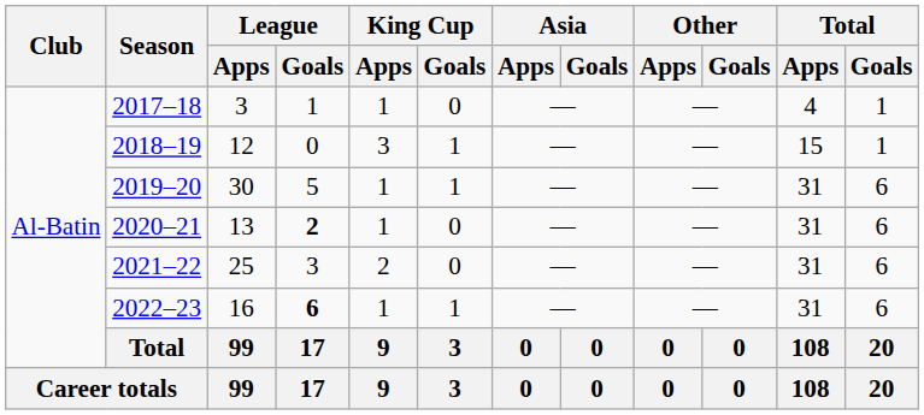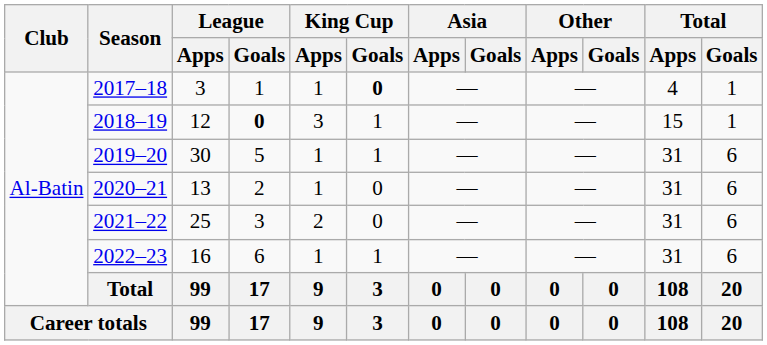 <table class="wikitable" style="text-align: center">
 <tr>
 <th rowspan=2>Club</th>
 <th rowspan=2>Season</th>
 <th colspan=2>League</th>
 <th colspan=2>King Cup</th>
 <th colspan=2>Asia</th>
 <th colspan=2>Other</th>
 <th colspan=2>Total</th>
 </tr>
 <tr>
 <th>Apps</th>
 <th>Goals</th>
 <th>Apps</th>
 <th>Goals</th>
 <th>Apps</th>
 <th>Goals</th>
 <th>Apps</th>
 <th>Goals</th>
 <th>Apps</th>
 <th>Goals</th>
 </tr>
 <tr>
 <td rowspan=7><a href='#'>Al-Batin</a></td>
 <td><a href='#'>2017–18</a></td>
 <td>3</td>
 <td>1</td>
 <td>1</td>
-<td>0</td>
+<td><strong>0</strong></td>
 <td colspan=2>—</td>
 <td colspan=2>—</td>
 <td>4</td>
 <td>1</td>
 </tr>
 <tr>
 <td><a href='#'>2018–19</a></td>
 <td>12</td>
-<td>0</td>
+<td><strong>0</strong></td>
 <td>3</td>
 <td>1</td>
 <td colspan=2>—</td>
 <td colspan=2>—</td>
 <td>15</td>
 <td>1</td>
 </tr>
 <tr>
 <td><a href='#'>2019–20</a></td>
 <td>30</td>
 <td>5</td>
 <td>1</td>
 <td>1</td>
 <td colspan=2>—</td>
 <td colspan=2>—</td>
 <td>31</td>
 <td>6</td>
 </tr>
 <tr>
 <td><a href='#'>2020–21</a></td>
 <td>13</td>
-<td><strong>2</strong></td>
+<td>2</td>
 <td>1</td>
 <td>0</td>
 <td colspan=2>—</td>
 <td colspan=2>—</td>
 <td>31</td>
 <td>6</td>
 </tr>
 <tr>
 <td><a href='#'>2021–22</a></td>
 <td>25</td>
 <td>3</td>
 <td>2</td>
 <td>0</td>
 <td colspan=2>—</td>
 <td colspan=2>—</td>
 <td>31</td>
 <td>6</td>
 </tr>
 <tr>
 <td><a href='#'>2022–23</a></td>
 <td>16</td>
-<td><strong>6</strong></td>
+<td>6</td>
 <td>1</td>
 <td>1</td>
 <td colspan=2>—</td>
 <td colspan=2>—</td>
 <td>31</td>
 <td>6</td>
 </tr>
 <tr>
 <th>Total</th>
 <th>99</th>
 <th>17</th>
 <th>9</th>
 <th>3</th>
 <th>0</th>
 <th>0</th>
 <th>0</th>
 <th>0</th>
 <th>108</th>
 <th>20</th>
 </tr>
 <tr>
 <th colspan=2>Career totals</th>
 <th>99</th>
 <th>17</th>
 <th>9</th>
 <th>3</th>
 <th>0</th>
 <th>0</th>
 <th>0</th>
 <th>0</th>
 <th>108</th>
 <th>20</th>
 </tr>
 </table>
